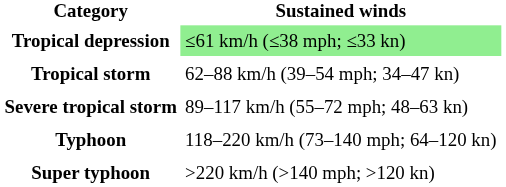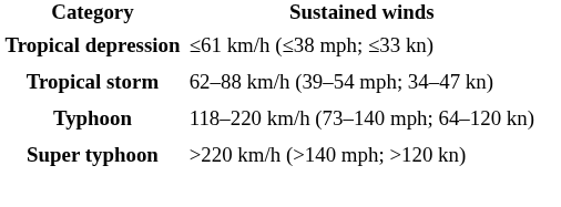 <table class="toccolours" style="display: inline-table">
 <tr>
 <th>Category</th>
 <th>Sustained winds</th>
 </tr>
 <tr>
 <th style="background-color:#">Tropical depression</th>
-<td style="background: lightgreen; padding:4px">≤61 km/h (≤38 mph; ≤33 kn)</td>
+<td style="padding:4px">≤61 km/h (≤38 mph; ≤33 kn)</td>
 </tr>
 <tr>
 <th style="background-color:#">Tropical storm</th>
 <td style="padding:4px">62–88 km/h (39–54 mph; 34–47 kn)</td>
-</tr>
-<tr>
-<th style="background-color:#">Severe tropical storm</th>
-<td style="padding:4px">89–117 km/h (55–72 mph; 48–63 kn)</td>
 </tr>
 <tr>
 <th style="background-color:#">Typhoon</th>
 <td style="padding:4px">118–220 km/h (73–140 mph; 64–120 kn)</td>
 </tr>
 <tr>
 <th style="background-color:#">Super typhoon</th>
 <td style="padding:4px">>220 km/h (>140 mph; >120 kn)</td>
 </tr>
 </table>
